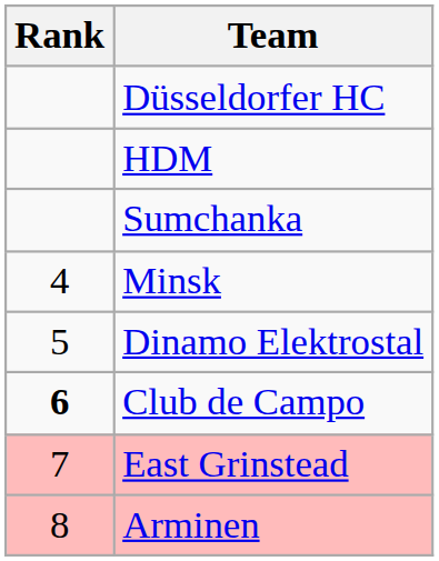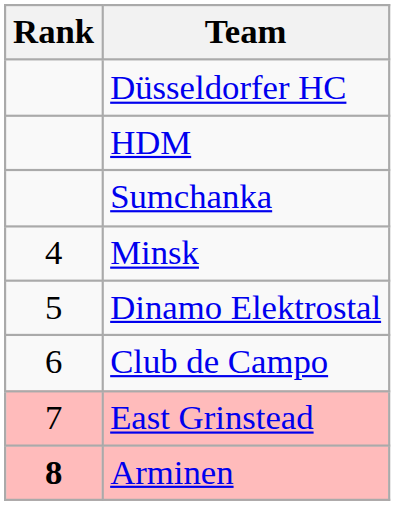 <table class=wikitable>
 <tr>
 <th>Rank</th>
 <th>Team</th>
 </tr>
 <tr>
 <td align=center></td>
 <td> <a href='#'>Düsseldorfer HC</a></td>
 </tr>
 <tr>
 <td align=center></td>
 <td> <a href='#'>HDM</a></td>
 </tr>
 <tr>
 <td align=center></td>
 <td> <a href='#'>Sumchanka</a></td>
 </tr>
 <tr>
 <td align=center>4</td>
 <td> <a href='#'>Minsk</a></td>
 </tr>
 <tr>
 <td align=center>5</td>
 <td> <a href='#'>Dinamo Elektrostal</a></td>
 </tr>
 <tr>
-<td align=center><strong>6</strong></td>
+<td align=center>6</td>
 <td> <a href='#'>Club de Campo</a></td>
 </tr>
 <tr bgcolor=ffbbbb>
 <td align=center>7</td>
 <td> <a href='#'>East Grinstead</a></td>
 </tr>
 <tr bgcolor=ffbbbb>
-<td align=center>8</td>
+<td align=center><strong>8</strong></td>
 <td> <a href='#'>Arminen</a></td>
 </tr>
 </table>
